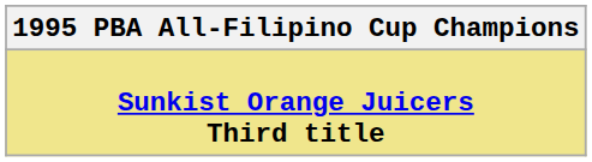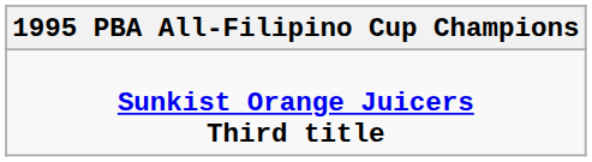 <table class=wikitable style="text-align:center; margin:auto">
 <tr>
 <th>1995 PBA All-Filipino Cup Champions</th>
 </tr>
 <tr>
-<td style="background: khaki;"><br> <strong><a href='#'>Sunkist Orange Juicers</a></strong> <br> <strong>Third title</strong></td>
+<td><br> <strong><a href='#'>Sunkist Orange Juicers</a></strong> <br> <strong>Third title</strong></td>
 </tr>
 </table>
